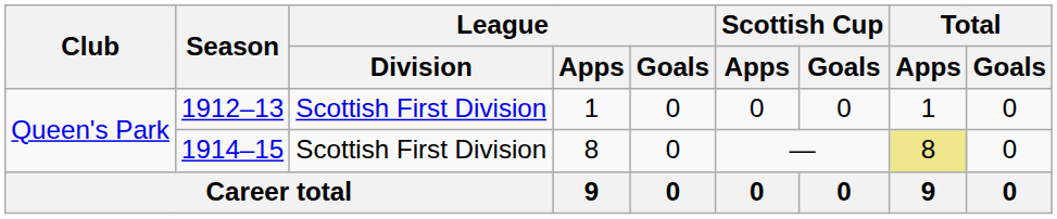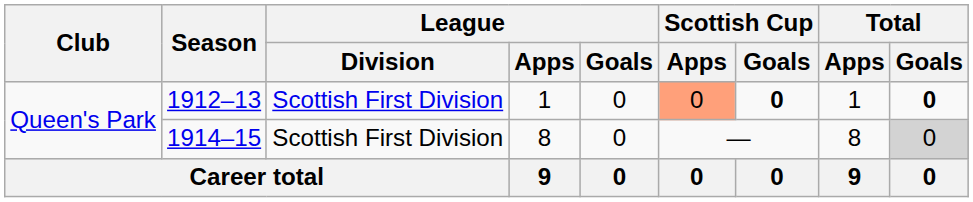 <table class="wikitable" style="text-align: center;">
 <tr>
 <th rowspan="2">Club</th>
 <th rowspan="2">Season</th>
 <th colspan="3">League</th>
 <th colspan="2">Scottish Cup</th>
 <th colspan="2">Total</th>
 </tr>
 <tr>
 <th>Division</th>
 <th>Apps</th>
 <th>Goals</th>
 <th>Apps</th>
 <th>Goals</th>
 <th>Apps</th>
 <th>Goals</th>
 </tr>
 <tr>
 <td rowspan="2"><a href='#'>Queen's Park</a></td>
 <td><a href='#'>1912–13</a></td>
 <td><a href='#'>Scottish First Division</a></td>
 <td>1</td>
 <td>0</td>
-<td>0</td>
-<td>0</td>
+<td style="background: lightsalmon;">0</td>
+<td><strong>0</strong></td>
 <td>1</td>
-<td>0</td>
+<td><strong>0</strong></td>
 </tr>
 <tr>
 <td><a href='#'>1914–15</a></td>
 <td>Scottish First Division</td>
 <td>8</td>
 <td>0</td>
 <td colspan="2">—</td>
-<td style="background: khaki;">8</td>
-<td>0</td>
+<td>8</td>
+<td style="background: lightgrey;">0</td>
 </tr>
 <tr>
 <th colspan="3">Career total</th>
 <th>9</th>
 <th>0</th>
 <th>0</th>
 <th>0</th>
 <th>9</th>
 <th>0</th>
 </tr>
 </table>
